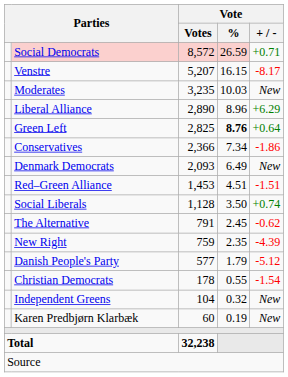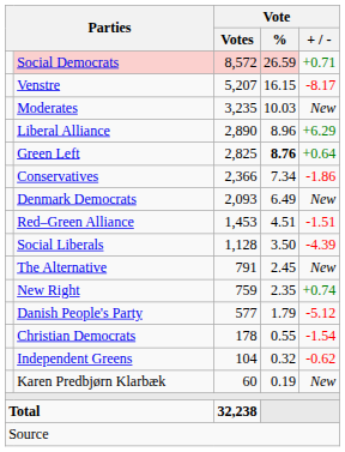 <table class="wikitable" style="text-align:right;">
 <tr>
 <th style="text-align:centre;" rowspan="2" colspan="2" width="225">Parties</th>
 <th colspan="3">Vote</th>
 </tr>
 <tr>
 <th width="15">Votes</th>
 <th width="15">%</th>
 <th width="15">+ / -</th>
 </tr>
 <tr>
 <td width="2" style="color:inherit;background:"></td>
 <td bgcolor=#fbd0ce  align="left"><a href='#'>Social Democrats</a></td>
 <td bgcolor=#fbd0ce>8,572</td>
 <td bgcolor=#fbd0ce>26.59</td>
 <td style=color:green;>+0.71</td>
 </tr>
 <tr>
 <td width="2" style="color:inherit;background:"></td>
 <td align="left"><a href='#'>Venstre</a></td>
 <td>5,207</td>
 <td>16.15</td>
 <td style=color:red;>-8.17</td>
 </tr>
 <tr>
 <td width="2" style="color:inherit;background:"></td>
 <td align="left"><a href='#'>Moderates</a></td>
 <td>3,235</td>
 <td>10.03</td>
 <td><em>New</em></td>
 </tr>
 <tr>
 <td width="2" style="color:inherit;background:"></td>
 <td align="left"><a href='#'>Liberal Alliance</a></td>
 <td>2,890</td>
 <td>8.96</td>
 <td style=color:green;>+6.29</td>
 </tr>
 <tr>
 <td width="2" style="color:inherit;background:"></td>
 <td align="left"><a href='#'>Green Left</a></td>
 <td>2,825</td>
 <td><strong>8.76</strong></td>
 <td style=color:green;>+0.64</td>
 </tr>
 <tr>
 <td width="2" style="color:inherit;background:"></td>
 <td align="left"><a href='#'>Conservatives</a></td>
 <td>2,366</td>
 <td>7.34</td>
 <td style=color:red;>-1.86</td>
 </tr>
 <tr>
 <td width="2" style="color:inherit;background:"></td>
 <td align="left"><a href='#'>Denmark Democrats</a></td>
 <td>2,093</td>
 <td>6.49</td>
 <td><em>New</em></td>
 </tr>
 <tr>
 <td width="2" style="color:inherit;background:"></td>
 <td align="left"><a href='#'>Red–Green Alliance</a></td>
 <td>1,453</td>
 <td>4.51</td>
 <td style=color:red;>-1.51</td>
 </tr>
 <tr>
 <td width="2" style="color:inherit;background:"></td>
 <td align="left"><a href='#'>Social Liberals</a></td>
 <td>1,128</td>
 <td>3.50</td>
-<td style=color:green;>+0.74</td>
+<td style=color:red;>-4.39</td>
 </tr>
 <tr>
 <td width="2" style="color:inherit;background:"></td>
 <td align="left"><a href='#'>The Alternative</a></td>
 <td>791</td>
 <td>2.45</td>
-<td style=color:red;>-0.62</td>
+<td><em>New</em></td>
 </tr>
 <tr>
 <td width="2" style="color:inherit;background:"></td>
 <td align="left"><a href='#'>New Right</a></td>
 <td>759</td>
 <td>2.35</td>
-<td style=color:red;>-4.39</td>
+<td style=color:green;>+0.74</td>
 </tr>
 <tr>
 <td width="2" style="color:inherit;background:"></td>
 <td align="left"><a href='#'>Danish People's Party</a></td>
 <td>577</td>
 <td>1.79</td>
 <td style=color:red;>-5.12</td>
 </tr>
 <tr>
 <td width="2" style="color:inherit;background:"></td>
 <td align="left"><a href='#'>Christian Democrats</a></td>
 <td>178</td>
 <td>0.55</td>
 <td style=color:red;>-1.54</td>
 </tr>
 <tr>
 <td width="2" style="color:inherit;background:"></td>
 <td align="left"><a href='#'>Independent Greens</a></td>
 <td>104</td>
 <td>0.32</td>
-<td><em>New</em></td>
+<td style=color:red;>-0.62</td>
 </tr>
 <tr>
 <td width="2" style="color:inherit;background:"></td>
 <td align="left">Karen Predbjørn Klarbæk</td>
 <td>60</td>
 <td>0.19</td>
 <td><em>New</em></td>
 </tr>
 <tr>
 <td colspan="7" bgcolor="#E9E9E9"></td>
 </tr>
 <tr>
 <td align="left" colspan="2"><strong>Total</strong></td>
 <td><strong>32,238</strong></td>
 <td bgcolor="#E9E9E9" colspan="2"></td>
 </tr>
 <tr>
 <td align="left" colspan="6">Source</td>
 </tr>
 </table>
